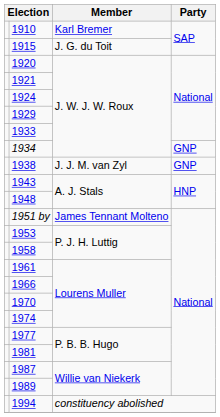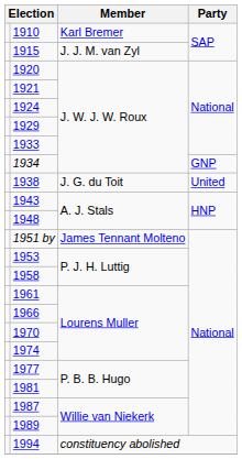 <table class="wikitable">
 <tr>
 <th colspan="2">Election</th>
 <th>Member</th>
 <th>Party</th>
 </tr>
 <tr>
 <td style="background-color: "></td>
 <td><a href='#'>1910</a></td>
 <td><a href='#'>Karl Bremer</a></td>
 <td rowspan="2"><a href='#'>SAP</a></td>
 </tr>
 <tr>
 <td style="background-color: "></td>
 <td><a href='#'>1915</a></td>
-<td>J. G. du Toit</td>
+<td>J. J. M. van Zyl</td>
 </tr>
 <tr>
 <td style="background-color: "></td>
 <td><a href='#'>1920</a></td>
 <td rowspan="6">J. W. J. W. Roux</td>
 <td rowspan="5"><a href='#'>National</a></td>
 </tr>
 <tr>
 <td style="background-color: "></td>
 <td><a href='#'>1921</a></td>
 </tr>
 <tr>
 <td style="background-color: "></td>
 <td><a href='#'>1924</a></td>
 </tr>
 <tr>
 <td style="background-color: "></td>
 <td><a href='#'>1929</a></td>
 </tr>
 <tr>
 <td style="background-color: "></td>
 <td><a href='#'>1933</a></td>
 </tr>
 <tr>
 <td style="background-color: "></td>
 <td><em>1934</em></td>
 <td><a href='#'>GNP</a></td>
 </tr>
 <tr>
 <td style="background-color: "></td>
 <td><a href='#'>1938</a></td>
-<td>J. J. M. van Zyl</td>
-<td><a href='#'>GNP</a></td>
+<td>J. G. du Toit</td>
+<td><a href='#'>United</a></td>
 </tr>
 <tr>
 <td style="background-color: "></td>
 <td><a href='#'>1943</a></td>
 <td rowspan="2">A. J. Stals</td>
 <td rowspan="2"><a href='#'>HNP</a></td>
 </tr>
 <tr>
 <td style="background-color: "></td>
 <td><a href='#'>1948</a></td>
 </tr>
 <tr>
 <td style="background-color: "></td>
 <td><em>1951 by</em></td>
 <td><a href='#'>James Tennant Molteno</a></td>
 <td rowspan="11"><a href='#'>National</a></td>
 </tr>
 <tr>
 <td style="background-color: "></td>
 <td><a href='#'>1953</a></td>
 <td rowspan="2">P. J. H. Luttig</td>
 </tr>
 <tr>
 <td style="background-color: "></td>
 <td><a href='#'>1958</a></td>
 </tr>
 <tr>
 <td style="background-color: "></td>
 <td><a href='#'>1961</a></td>
 <td rowspan="4"><a href='#'>Lourens Muller</a></td>
 </tr>
 <tr>
 <td style="background-color: "></td>
 <td><a href='#'>1966</a></td>
 </tr>
 <tr>
 <td style="background-color: "></td>
 <td><a href='#'>1970</a></td>
 </tr>
 <tr>
 <td style="background-color: "></td>
 <td><a href='#'>1974</a></td>
 </tr>
 <tr>
 <td style="background-color: "></td>
 <td><a href='#'>1977</a></td>
 <td rowspan="2">P. B. B. Hugo</td>
 </tr>
 <tr>
 <td style="background-color: "></td>
 <td><a href='#'>1981</a></td>
 </tr>
 <tr>
 <td style="background-color: "></td>
 <td><a href='#'>1987</a></td>
 <td rowspan="2"><a href='#'>Willie van Niekerk</a></td>
 </tr>
 <tr>
 <td style="background-color: "></td>
 <td><a href='#'>1989</a></td>
 </tr>
 <tr>
 <td style="background-color: "></td>
 <td><a href='#'>1994</a></td>
 <td colspan="2"><em>constituency abolished</em></td>
 </tr>
 <tr>
 </tr>
 </table>
